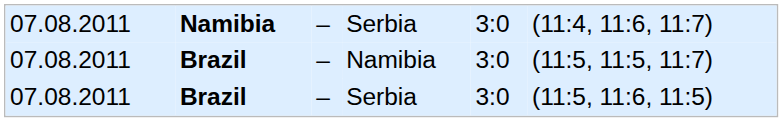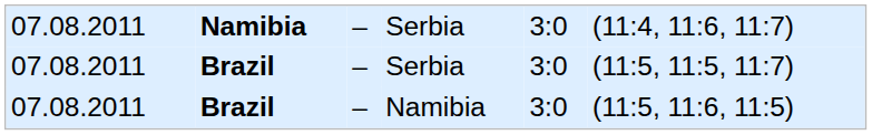 <table style="background:#; border:1px #bbb solid;" cellpadding="3" cellspacing="0" width="40%">
 <tr style="background:#DDEEFF;">
 <td>07.08.2011</td>
 <td><strong>Namibia</strong></td>
 <td>–</td>
 <td>Serbia</td>
 <td>3:0</td>
 <td>(11:4, 11:6, 11:7)</td>
 </tr>
 <tr style="background:#DDEEFF;">
 <td>07.08.2011</td>
 <td><strong>Brazil</strong></td>
 <td>–</td>
-<td>Namibia</td>
+<td>Serbia</td>
 <td>3:0</td>
 <td>(11:5, 11:5, 11:7)</td>
 </tr>
 <tr style="background:#DDEEFF;">
 <td>07.08.2011</td>
 <td><strong>Brazil</strong></td>
 <td>–</td>
-<td>Serbia</td>
+<td>Namibia</td>
 <td>3:0</td>
 <td>(11:5, 11:6, 11:5)</td>
 </tr>
 </table>
